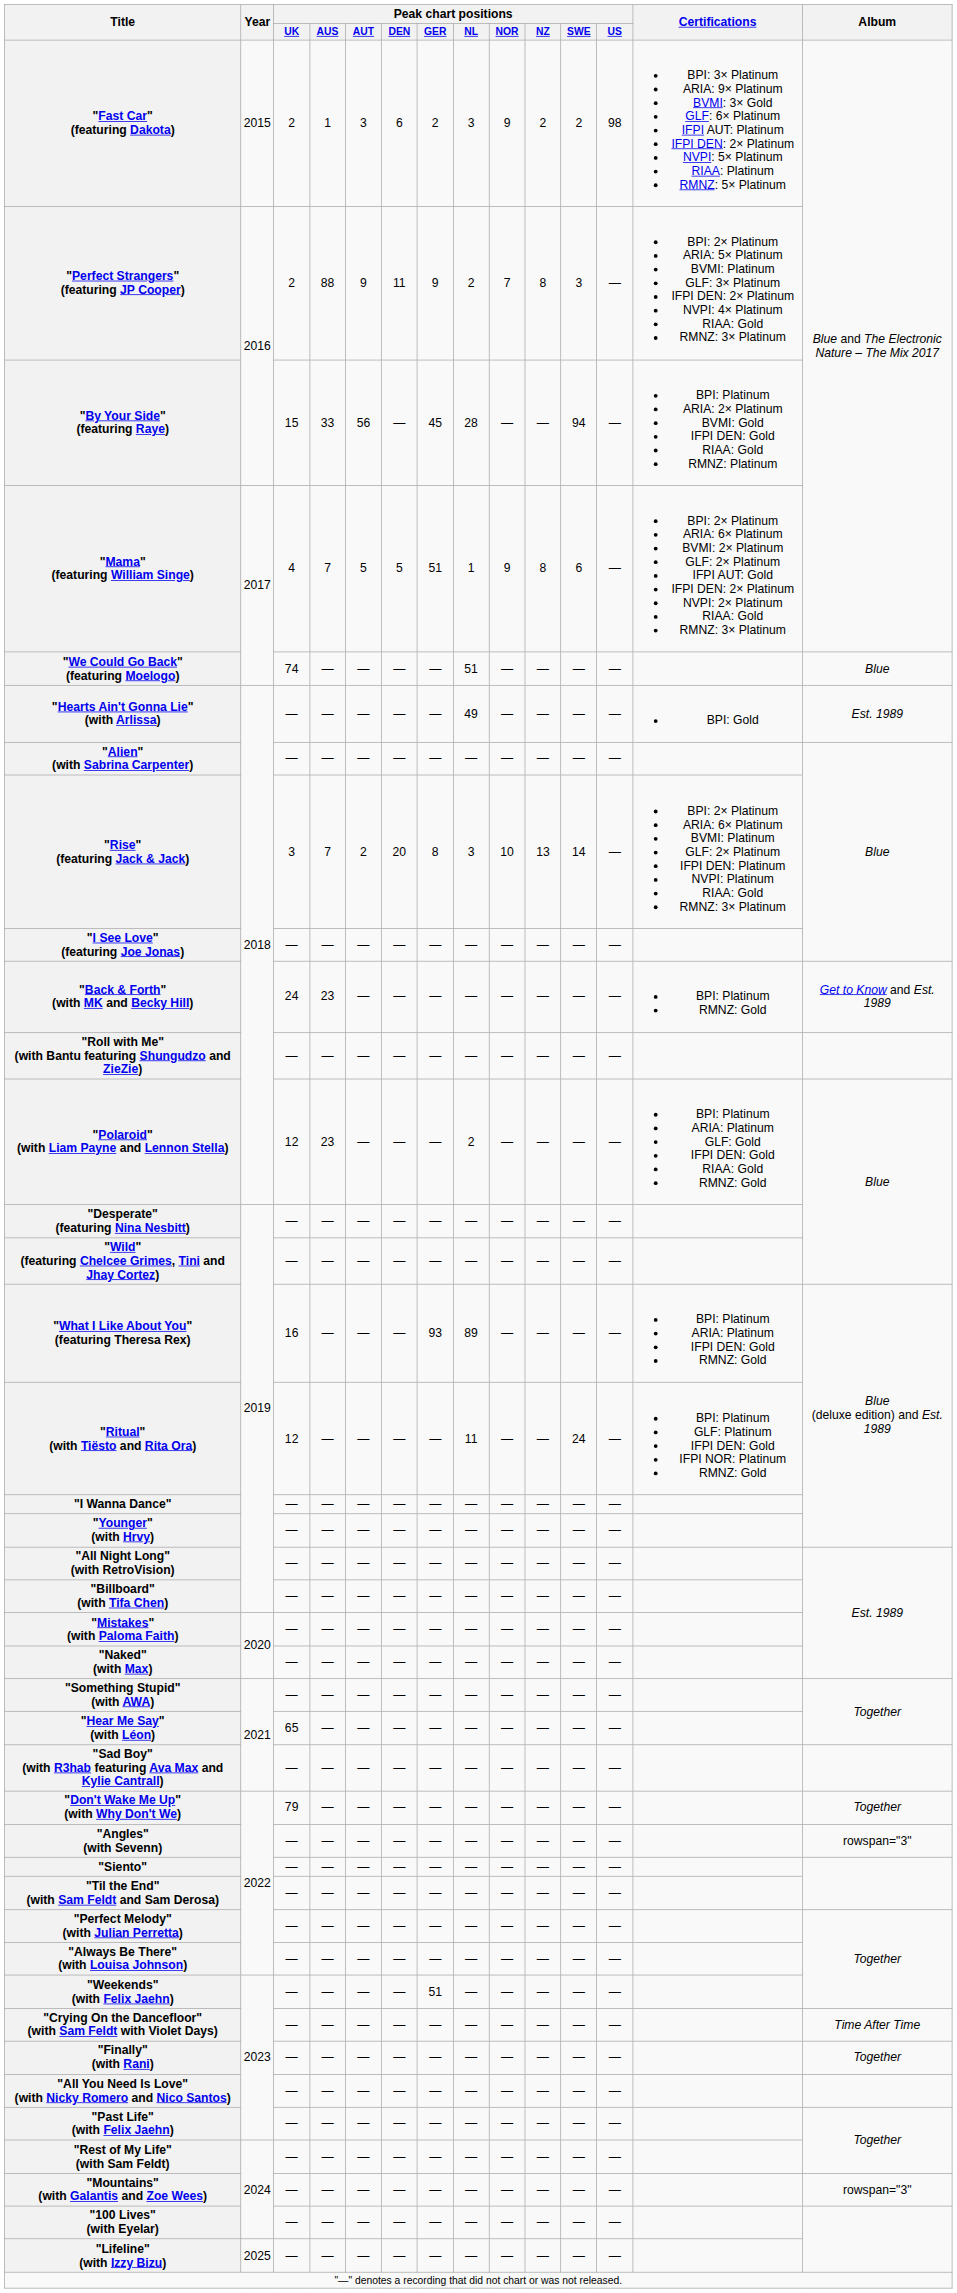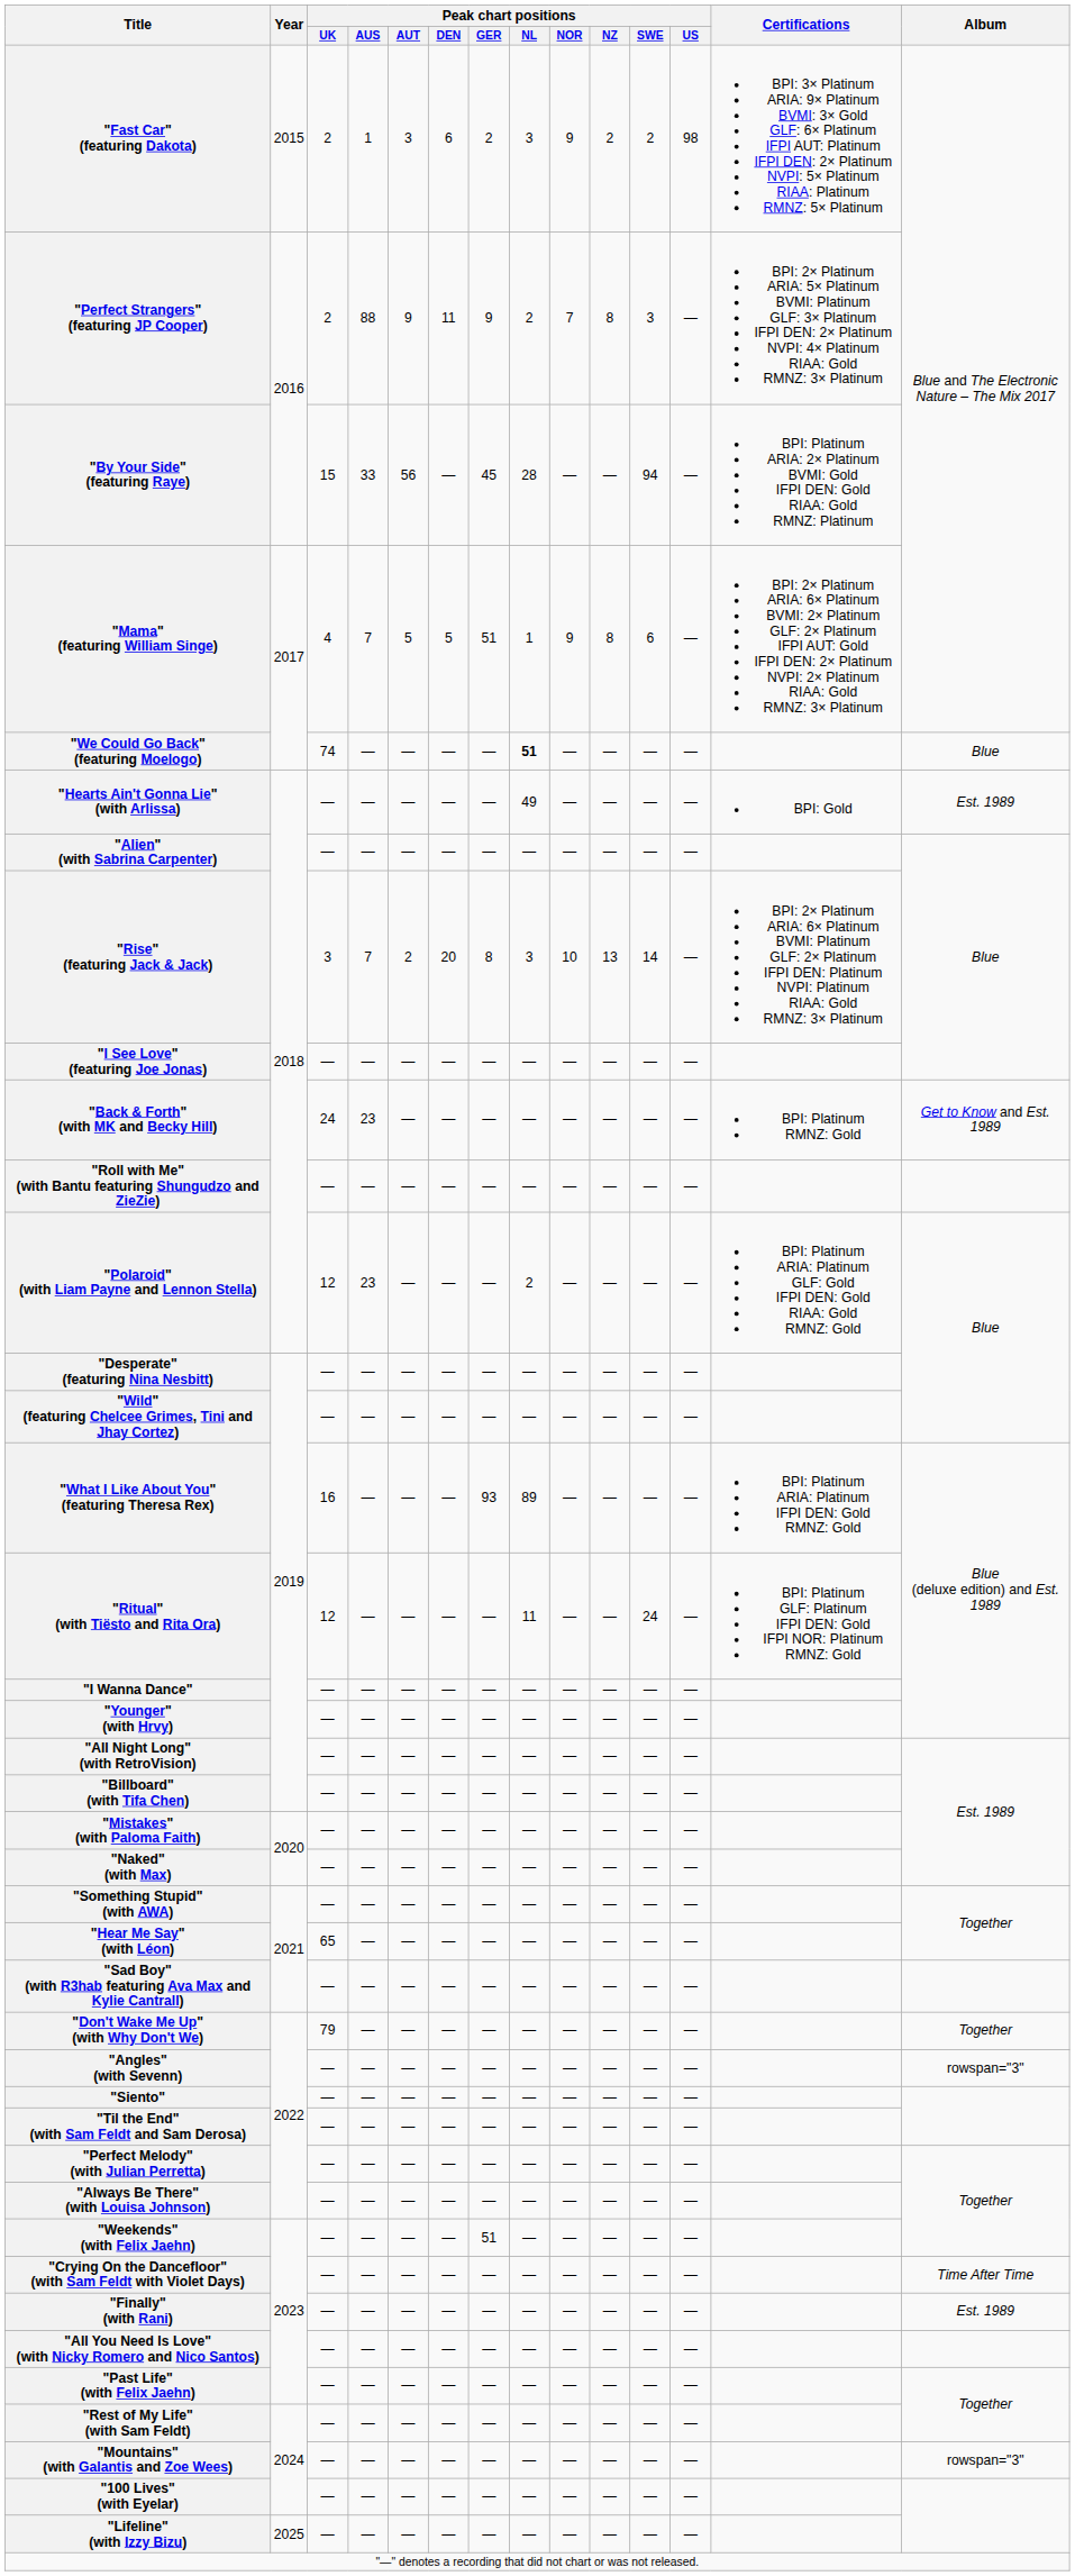 <table class="wikitable plainrowheaders" style="text-align:center;">
 <tr>
 <th scope="col" rowspan="2" style="width:19em;">Title</th>
 <th scope="col" rowspan="2" style="width:1em;">Year</th>
 <th scope="col" colspan="10">Peak chart positions</th>
 <th scope="col" rowspan="2" style="width:13.5em;"><a href='#'>Certifications</a></th>
 <th oscope="col" rowspan="2">Album</th>
 </tr>
 <tr>
 <th scope="col" style="width:3em;font-size:85%;"><a href='#'>UK</a><br></th>
 <th scope="col" style="width:3em;font-size:85%;"><a href='#'>AUS</a><br></th>
 <th scope="col" style="width:3em;font-size:85%;"><a href='#'>AUT</a><br></th>
 <th scope="col" style="width:3em;font-size:85%;"><a href='#'>DEN</a><br></th>
 <th scope="col" style="width:3em;font-size:85%;"><a href='#'>GER</a><br></th>
 <th scope="col" style="width:3em;font-size:85%;"><a href='#'>NL</a><br></th>
 <th scope="col" style="width:3em;font-size:85%;"><a href='#'>NOR</a><br></th>
 <th scope="col" style="width:3em;font-size:85%;"><a href='#'>NZ</a><br></th>
 <th scope="col" style="width:3em;font-size:85%;"><a href='#'>SWE</a><br></th>
 <th scope="col" style="width:3em;font-size:85%;"><a href='#'>US</a><br></th>
 </tr>
 <tr>
 <th scope="row">"<a href='#'>Fast Car</a>"<br><span>(featuring <a href='#'>Dakota</a>)</span></th>
 <td>2015</td>
 <td>2</td>
 <td>1</td>
 <td>3</td>
 <td>6</td>
 <td>2</td>
 <td>3</td>
 <td>9</td>
 <td>2</td>
 <td>2</td>
 <td>98</td>
 <td><br><ul><li>BPI: 3× Platinum</li><li>ARIA: 9× Platinum</li><li><a href='#'>BVMI</a>: 3× Gold</li><li><a href='#'>GLF</a>: 6× Platinum</li><li><a href='#'>IFPI</a> AUT: Platinum</li><li><a href='#'>IFPI DEN</a>: 2× Platinum</li><li><a href='#'>NVPI</a>: 5× Platinum</li><li><a href='#'>RIAA</a>: Platinum</li><li><a href='#'>RMNZ</a>: 5× Platinum</li></ul></td>
 <td rowspan="4"><em>Blue</em> and <em>The Electronic Nature – The Mix 2017</em></td>
 </tr>
 <tr>
 <th scope="row">"<a href='#'>Perfect Strangers</a>"<br><span>(featuring <a href='#'>JP Cooper</a>)</span></th>
 <td rowspan="2">2016</td>
 <td>2</td>
 <td>88</td>
 <td>9</td>
 <td>11</td>
 <td>9</td>
 <td>2</td>
 <td>7</td>
 <td>8</td>
 <td>3</td>
 <td>—</td>
 <td><br><ul><li>BPI: 2× Platinum</li><li>ARIA: 5× Platinum</li><li>BVMI: Platinum</li><li>GLF: 3× Platinum</li><li>IFPI DEN: 2× Platinum</li><li>NVPI: 4× Platinum</li><li>RIAA: Gold</li><li>RMNZ: 3× Platinum</li></ul></td>
 </tr>
 <tr>
 <th scope="row">"<a href='#'>By Your Side</a>"<br><span>(featuring <a href='#'>Raye</a>)</span></th>
 <td>15</td>
 <td>33</td>
 <td>56</td>
 <td>—</td>
 <td>45</td>
 <td>28</td>
 <td>—</td>
 <td>—</td>
 <td>94</td>
 <td>—</td>
 <td><br><ul><li>BPI: Platinum</li><li>ARIA: 2× Platinum</li><li>BVMI: Gold</li><li>IFPI DEN: Gold</li><li>RIAA: Gold</li><li>RMNZ: Platinum</li></ul></td>
 </tr>
 <tr>
 <th scope="row">"<a href='#'>Mama</a>"<br><span>(featuring <a href='#'>William Singe</a>)</span></th>
 <td rowspan="2">2017</td>
 <td>4</td>
 <td>7</td>
 <td>5</td>
 <td>5</td>
 <td>51</td>
 <td>1</td>
 <td>9</td>
 <td>8</td>
 <td>6</td>
 <td>—</td>
 <td><br><ul><li>BPI: 2× Platinum</li><li>ARIA: 6× Platinum</li><li>BVMI: 2× Platinum</li><li>GLF: 2× Platinum</li><li>IFPI AUT: Gold</li><li>IFPI DEN: 2× Platinum</li><li>NVPI: 2× Platinum</li><li>RIAA: Gold</li><li>RMNZ: 3× Platinum</li></ul></td>
 </tr>
 <tr>
 <th scope="row">"<a href='#'>We Could Go Back</a>"<br><span>(featuring <a href='#'>Moelogo</a>)</span></th>
 <td>74</td>
 <td>—</td>
 <td>—</td>
 <td>—</td>
 <td>—</td>
-<td>51</td>
+<td><strong>51</strong></td>
 <td>—</td>
 <td>—</td>
 <td>—</td>
 <td>—</td>
 <td></td>
 <td><em>Blue</em></td>
 </tr>
 <tr>
 <th scope="row">"<a href='#'>Hearts Ain't Gonna Lie</a>"<br><span>(with <a href='#'>Arlissa</a>)</span></th>
 <td rowspan="7">2018</td>
 <td>—</td>
 <td>—</td>
 <td>—</td>
 <td>—</td>
 <td>—</td>
 <td>49</td>
 <td>—</td>
 <td>—</td>
 <td>—</td>
 <td>—</td>
 <td><br><ul><li>BPI: Gold</li></ul></td>
 <td><em>Est. 1989</em></td>
 </tr>
 <tr>
 <th scope="row">"<a href='#'>Alien</a>"<br><span>(with <a href='#'>Sabrina Carpenter</a>)</span></th>
 <td>—</td>
 <td>—</td>
 <td>—</td>
 <td>—</td>
 <td>—</td>
 <td>—</td>
 <td>—</td>
 <td>—</td>
 <td>—</td>
 <td>—</td>
 <td></td>
 <td rowspan="3"><em>Blue</em></td>
 </tr>
 <tr>
 <th scope="row">"<a href='#'>Rise</a>"<br><span>(featuring <a href='#'>Jack & Jack</a>)</span></th>
 <td>3</td>
 <td>7</td>
 <td>2</td>
 <td>20</td>
 <td>8</td>
 <td>3</td>
 <td>10</td>
 <td>13</td>
 <td>14</td>
 <td>—</td>
 <td><br><ul><li>BPI: 2× Platinum</li><li>ARIA: 6× Platinum</li><li>BVMI: Platinum</li><li>GLF: 2× Platinum</li><li>IFPI DEN: Platinum</li><li>NVPI: Platinum</li><li>RIAA: Gold</li><li>RMNZ: 3× Platinum</li></ul></td>
 </tr>
 <tr>
 <th scope="row">"<a href='#'>I See Love</a>"<br><span>(featuring <a href='#'>Joe Jonas</a>)</span></th>
 <td>—</td>
 <td>—</td>
 <td>—</td>
 <td>—</td>
 <td>—</td>
 <td>—</td>
 <td>—</td>
 <td>—</td>
 <td>—</td>
 <td>—</td>
 <td></td>
 </tr>
 <tr>
 <th scope="row">"<a href='#'>Back & Forth</a>"<br><span>(with <a href='#'>MK</a> and <a href='#'>Becky Hill</a>)</span></th>
 <td>24</td>
 <td>23</td>
 <td>—</td>
 <td>—</td>
 <td>—</td>
 <td>—</td>
 <td>—</td>
 <td>—</td>
 <td>—</td>
 <td>—</td>
 <td><br><ul><li>BPI: Platinum</li><li>RMNZ: Gold</li></ul></td>
 <td><em><a href='#'>Get to Know</a></em> and <em>Est. 1989</em></td>
 </tr>
 <tr>
 <th scope="row">"Roll with Me" <br><span>(with Bantu featuring <a href='#'>Shungudzo</a> and <a href='#'>ZieZie</a>)</span></th>
 <td>—</td>
 <td>—</td>
 <td>—</td>
 <td>—</td>
 <td>—</td>
 <td>—</td>
 <td>—</td>
 <td>—</td>
 <td>—</td>
 <td>—</td>
 <td></td>
 <td></td>
 </tr>
 <tr>
 <th scope="row">"<a href='#'>Polaroid</a>" <br><span>(with <a href='#'>Liam Payne</a> and <a href='#'>Lennon Stella</a>)</span></th>
 <td>12</td>
 <td>23</td>
 <td>—</td>
 <td>—</td>
 <td>—</td>
 <td>2</td>
 <td>—</td>
 <td>—</td>
 <td>—</td>
 <td>—</td>
 <td><br><ul><li>BPI: Platinum</li><li>ARIA: Platinum</li><li>GLF: Gold</li><li>IFPI DEN: Gold</li><li>RIAA: Gold</li><li>RMNZ: Gold</li></ul></td>
 <td rowspan="3"><em>Blue</em></td>
 </tr>
 <tr>
 <th scope="row">"Desperate"<br><span>(featuring <a href='#'>Nina Nesbitt</a>)</span></th>
 <td rowspan="8">2019</td>
 <td>—</td>
 <td>—</td>
 <td>—</td>
 <td>—</td>
 <td>—</td>
 <td>—</td>
 <td>—</td>
 <td>—</td>
 <td>—</td>
 <td>—</td>
 <td></td>
 </tr>
 <tr>
 <th scope="row">"<a href='#'>Wild</a>"<br><span>(featuring <a href='#'>Chelcee Grimes</a>, <a href='#'>Tini</a> and <a href='#'>Jhay Cortez</a>)</span></th>
 <td>—</td>
 <td>—</td>
 <td>—</td>
 <td>—</td>
 <td>—</td>
 <td>—</td>
 <td>—</td>
 <td>—</td>
 <td>—</td>
 <td>—</td>
 <td></td>
 </tr>
 <tr>
 <th scope="row">"<a href='#'>What I Like About You</a>"<br><span>(featuring Theresa Rex)</span></th>
 <td>16</td>
 <td>—</td>
 <td>—</td>
 <td>—</td>
 <td>93</td>
 <td>89</td>
 <td>—</td>
 <td>—</td>
 <td>—</td>
 <td>—</td>
 <td><br><ul><li>BPI: Platinum</li><li>ARIA: Platinum</li><li>IFPI DEN: Gold</li><li>RMNZ: Gold</li></ul></td>
 <td rowspan="4"><em>Blue</em><br>(deluxe edition) and <em>Est. 1989</em></td>
 </tr>
 <tr>
 <th scope="row">"<a href='#'>Ritual</a>"<br><span>(with <a href='#'>Tiësto</a> and <a href='#'>Rita Ora</a>)</span></th>
 <td>12</td>
 <td>—</td>
 <td>—</td>
 <td>—</td>
 <td>—</td>
 <td>11</td>
 <td>—</td>
 <td>—</td>
 <td>24</td>
 <td>—</td>
 <td><br><ul><li>BPI: Platinum</li><li>GLF: Platinum</li><li>IFPI DEN: Gold</li><li>IFPI NOR: Platinum</li><li>RMNZ: Gold</li></ul></td>
 </tr>
 <tr>
 <th scope="row">"I Wanna Dance"</th>
 <td>—</td>
 <td>—</td>
 <td>—</td>
 <td>—</td>
 <td>—</td>
 <td>—</td>
 <td>—</td>
 <td>—</td>
 <td>—</td>
 <td>—</td>
 <td></td>
 </tr>
 <tr>
 <th scope="row">"<a href='#'>Younger</a>"<br><span>(with <a href='#'>Hrvy</a>)</span></th>
 <td>—</td>
 <td>—</td>
 <td>—</td>
 <td>—</td>
 <td>—</td>
 <td>—</td>
 <td>—</td>
 <td>—</td>
 <td>—</td>
 <td>—</td>
 <td></td>
 </tr>
 <tr>
 <th scope="row">"All Night Long"<br><span>(with RetroVision)</span></th>
 <td>—</td>
 <td>—</td>
 <td>—</td>
 <td>—</td>
 <td>—</td>
 <td>—</td>
 <td>—</td>
 <td>—</td>
 <td>—</td>
 <td>—</td>
 <td></td>
 <td rowspan="4"><em>Est. 1989</em></td>
 </tr>
 <tr>
 <th scope="row">"Billboard"<br><span>(with <a href='#'>Tifa Chen</a>)</span></th>
 <td>—</td>
 <td>—</td>
 <td>—</td>
 <td>—</td>
 <td>—</td>
 <td>—</td>
 <td>—</td>
 <td>—</td>
 <td>—</td>
 <td>—</td>
 <td></td>
 </tr>
 <tr>
 <th scope="row">"<a href='#'>Mistakes</a>"<br><span>(with <a href='#'>Paloma Faith</a>)</span></th>
 <td rowspan="2">2020</td>
 <td>—</td>
 <td>—</td>
 <td>—</td>
 <td>—</td>
 <td>—</td>
 <td>—</td>
 <td>—</td>
 <td>—</td>
 <td>—</td>
 <td>—</td>
 <td></td>
 </tr>
 <tr>
 <th scope="row">"Naked"<br><span>(with <a href='#'>Max</a>)</span></th>
 <td>—</td>
 <td>—</td>
 <td>—</td>
 <td>—</td>
 <td>—</td>
 <td>—</td>
 <td>—</td>
 <td>—</td>
 <td>—</td>
 <td>—</td>
 <td></td>
 </tr>
 <tr>
 <th scope="row">"Something Stupid"<br><span>(with <a href='#'>AWA</a>)</span></th>
 <td rowspan="3">2021</td>
 <td>—</td>
 <td>—</td>
 <td>—</td>
 <td>—</td>
 <td>—</td>
 <td>—</td>
 <td>—</td>
 <td>—</td>
 <td>—</td>
 <td>—</td>
 <td></td>
 <td rowspan="2"><em>Together</em></td>
 </tr>
 <tr>
 <th scope="row">"<a href='#'>Hear Me Say</a>"<br><span>(with <a href='#'>Léon</a>)</span></th>
 <td>65</td>
 <td>—</td>
 <td>—</td>
 <td>—</td>
 <td>—</td>
 <td>—</td>
 <td>—</td>
 <td>—</td>
 <td>—</td>
 <td>—</td>
 <td></td>
 </tr>
 <tr>
 <th scope="row">"Sad Boy" <br><span>(with <a href='#'>R3hab</a> featuring <a href='#'>Ava Max</a> and <a href='#'>Kylie Cantrall</a>)</span></th>
 <td>—</td>
 <td>—</td>
 <td>—</td>
 <td>—</td>
 <td>—</td>
 <td>—</td>
 <td>—</td>
 <td>—</td>
 <td>—</td>
 <td>—</td>
 <td></td>
 <td></td>
 </tr>
 <tr>
 <th scope="row">"<a href='#'>Don't Wake Me Up</a>"<br><span>(with <a href='#'>Why Don't We</a>)</span></th>
 <td rowspan="6">2022</td>
 <td>79</td>
 <td>—</td>
 <td>—</td>
 <td>—</td>
 <td>—</td>
 <td>—</td>
 <td>—</td>
 <td>—</td>
 <td>—</td>
 <td>—</td>
 <td></td>
 <td><em>Together</em></td>
 </tr>
 <tr>
 <th scope="row">"Angles"<br><span>(with Sevenn)</span></th>
 <td>—</td>
 <td>—</td>
 <td>—</td>
 <td>—</td>
 <td>—</td>
 <td>—</td>
 <td>—</td>
 <td>—</td>
 <td>—</td>
 <td>—</td>
 <td></td>
 <td>rowspan="3" </td>
 </tr>
 <tr>
 <th scope="row">"Siento"</th>
 <td>—</td>
 <td>—</td>
 <td>—</td>
 <td>—</td>
 <td>—</td>
 <td>—</td>
 <td>—</td>
 <td>—</td>
 <td>—</td>
 <td>—</td>
 <td></td>
 </tr>
 <tr>
 <th scope="row">"Til the End"<br><span>(with <a href='#'>Sam Feldt</a> and Sam Derosa)</span></th>
 <td>—</td>
 <td>—</td>
 <td>—</td>
 <td>—</td>
 <td>—</td>
 <td>—</td>
 <td>—</td>
 <td>—</td>
 <td>—</td>
 <td>—</td>
 <td></td>
 </tr>
 <tr>
 <th scope="row">"Perfect Melody"<br><span>(with <a href='#'>Julian Perretta</a>)</span></th>
 <td>—</td>
 <td>—</td>
 <td>—</td>
 <td>—</td>
 <td>—</td>
 <td>—</td>
 <td>—</td>
 <td>—</td>
 <td>—</td>
 <td>—</td>
 <td></td>
 <td rowspan="3"><em>Together</em></td>
 </tr>
 <tr>
 <th scope="row">"Always Be There"<br><span>(with <a href='#'>Louisa Johnson</a>)</span></th>
 <td>—</td>
 <td>—</td>
 <td>—</td>
 <td>—</td>
 <td>—</td>
 <td>—</td>
 <td>—</td>
 <td>—</td>
 <td>—</td>
 <td>—</td>
 <td></td>
 </tr>
 <tr>
 <th scope="row">"Weekends"<br><span>(with <a href='#'>Felix Jaehn</a>)</span></th>
 <td rowspan="5">2023</td>
 <td>—</td>
 <td>—</td>
 <td>—</td>
 <td>—</td>
 <td>51</td>
 <td>—</td>
 <td>—</td>
 <td>—</td>
 <td>—</td>
 <td>—</td>
 <td></td>
 </tr>
 <tr>
 <th scope="row">"Crying On the Dancefloor"<br><span>(with <a href='#'>Sam Feldt</a> with Violet Days)</span></th>
 <td>—</td>
 <td>—</td>
 <td>—</td>
 <td>—</td>
 <td>—</td>
 <td>—</td>
 <td>—</td>
 <td>—</td>
 <td>—</td>
 <td>—</td>
 <td></td>
 <td><em>Time After Time</em></td>
 </tr>
 <tr>
 <th scope="row">"Finally"<br><span>(with <a href='#'>Rani</a>)</span></th>
 <td>—</td>
 <td>—</td>
 <td>—</td>
 <td>—</td>
 <td>—</td>
 <td>—</td>
 <td>—</td>
 <td>—</td>
 <td>—</td>
 <td>—</td>
 <td></td>
-<td><em>Together</em></td>
+<td><em>Est. 1989</em></td>
 </tr>
 <tr>
 <th scope="row">"All You Need Is Love"<br><span>(with <a href='#'>Nicky Romero</a>  and <a href='#'>Nico Santos</a>)</span></th>
 <td>—</td>
 <td>—</td>
 <td>—</td>
 <td>—</td>
 <td>—</td>
 <td>—</td>
 <td>—</td>
 <td>—</td>
 <td>—</td>
 <td>—</td>
 <td></td>
 <td></td>
 </tr>
 <tr>
 <th scope="row">"Past Life"<br><span>(with <a href='#'>Felix Jaehn</a>)</span></th>
 <td>—</td>
 <td>—</td>
 <td>—</td>
 <td>—</td>
 <td>—</td>
 <td>—</td>
 <td>—</td>
 <td>—</td>
 <td>—</td>
 <td>—</td>
 <td></td>
 <td rowspan="2"><em>Together</em></td>
 </tr>
 <tr>
 <th scope="row">"Rest of My Life"<br><span>(with Sam Feldt)</span></th>
 <td rowspan="3">2024</td>
 <td>—</td>
 <td>—</td>
 <td>—</td>
 <td>—</td>
 <td>—</td>
 <td>—</td>
 <td>—</td>
 <td>—</td>
 <td>—</td>
 <td>—</td>
 <td></td>
 </tr>
 <tr>
 <th scope="row">"Mountains"<br><span>(with <a href='#'>Galantis</a> and <a href='#'>Zoe Wees</a>)</span></th>
 <td>—</td>
 <td>—</td>
 <td>—</td>
 <td>—</td>
 <td>—</td>
 <td>—</td>
 <td>—</td>
 <td>—</td>
 <td>—</td>
 <td>—</td>
 <td></td>
 <td>rowspan="3" </td>
 </tr>
 <tr>
 <th scope="row">"100 Lives"<br><span>(with Eyelar)</span></th>
 <td>—</td>
 <td>—</td>
 <td>—</td>
 <td>—</td>
 <td>—</td>
 <td>—</td>
 <td>—</td>
 <td>—</td>
 <td>—</td>
 <td>—</td>
 <td></td>
 </tr>
 <tr>
 <th scope="row">"Lifeline"<br><span>(with <a href='#'>Izzy Bizu</a>)</span></th>
 <td rowspan="1">2025</td>
 <td>—</td>
 <td>—</td>
 <td>—</td>
 <td>—</td>
 <td>—</td>
 <td>—</td>
 <td>—</td>
 <td>—</td>
 <td>—</td>
 <td>—</td>
 <td></td>
 </tr>
 <tr>
 <td colspan="14" style="font-size:85%">"—" denotes a recording that did not chart or was not released.</td>
 </tr>
 </table>
